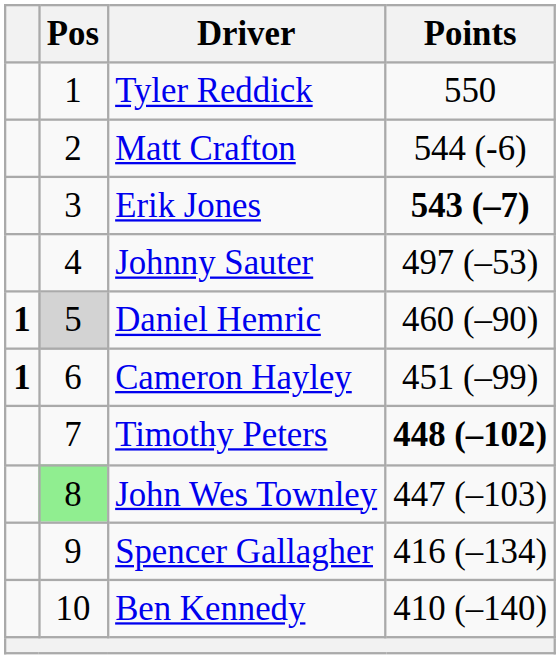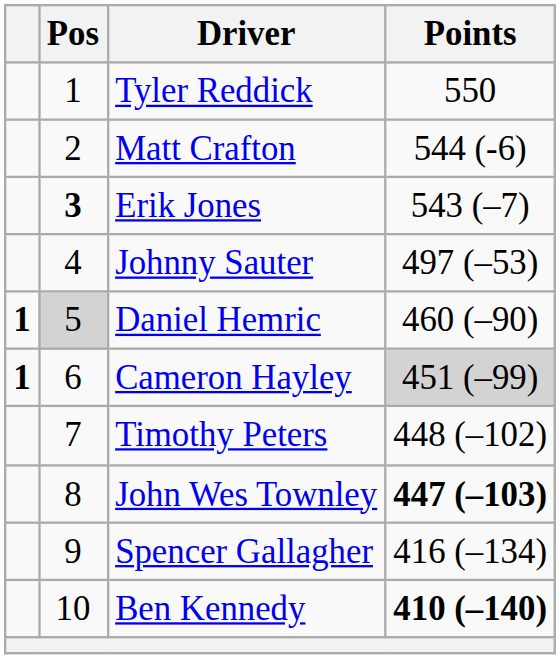 <table class="wikitable" style="font-size: 95%;">
 <tr>
 <th></th>
 <th>Pos</th>
 <th>Driver</th>
 <th>Points</th>
 </tr>
 <tr>
 <td align="left"></td>
 <td style="text-align:center;">1</td>
 <td><a href='#'>Tyler Reddick</a></td>
 <td style="text-align:center;">550</td>
 </tr>
 <tr>
 <td align="left"></td>
 <td style="text-align:center;">2</td>
 <td><a href='#'>Matt Crafton</a></td>
 <td style="text-align:center;">544 (-6)</td>
 </tr>
 <tr>
 <td align="left"></td>
-<td style="text-align:center;">3</td>
+<td style="text-align:center;"><strong>3</strong></td>
 <td><a href='#'>Erik Jones</a></td>
-<td style="text-align:center;"><strong>543 (–7)</strong></td>
+<td style="text-align:center;">543 (–7)</td>
 </tr>
 <tr>
 <td align="left"></td>
 <td style="text-align:center;">4</td>
 <td><a href='#'>Johnny Sauter</a></td>
 <td style="text-align:center;">497 (–53)</td>
 </tr>
 <tr>
 <td align="left"> <strong>1</strong></td>
 <td style="background: lightgrey; text-align:center;">5</td>
 <td><a href='#'>Daniel Hemric</a></td>
 <td style="text-align:center;">460 (–90)</td>
 </tr>
 <tr>
 <td align="left"> <strong>1</strong></td>
 <td style="text-align:center;">6</td>
 <td><a href='#'>Cameron Hayley</a></td>
-<td style="text-align:center;">451 (–99)</td>
+<td style="background: lightgrey; text-align:center;">451 (–99)</td>
 </tr>
 <tr>
 <td align="left"></td>
 <td style="text-align:center;">7</td>
 <td><a href='#'>Timothy Peters</a></td>
-<td style="text-align:center;"><strong>448 (–102)</strong></td>
+<td style="text-align:center;">448 (–102)</td>
 </tr>
 <tr>
 <td align="left"></td>
-<td style="background: lightgreen; text-align:center;">8</td>
+<td style="text-align:center;">8</td>
 <td><a href='#'>John Wes Townley</a></td>
-<td style="text-align:center;">447 (–103)</td>
+<td style="text-align:center;"><strong>447 (–103)</strong></td>
 </tr>
 <tr>
 <td align="left"></td>
 <td style="text-align:center;">9</td>
 <td><a href='#'>Spencer Gallagher</a></td>
 <td style="text-align:center;">416 (–134)</td>
 </tr>
 <tr>
 <td align="left"></td>
 <td style="text-align:center;">10</td>
 <td><a href='#'>Ben Kennedy</a></td>
-<td style="text-align:center;">410 (–140)</td>
+<td style="text-align:center;"><strong>410 (–140)</strong></td>
 </tr>
 <tr>
 <th colspan="9"></th>
 </tr>
 </table>
